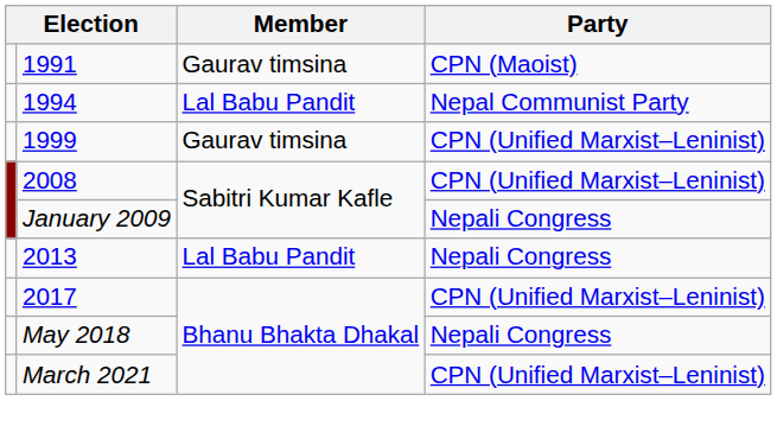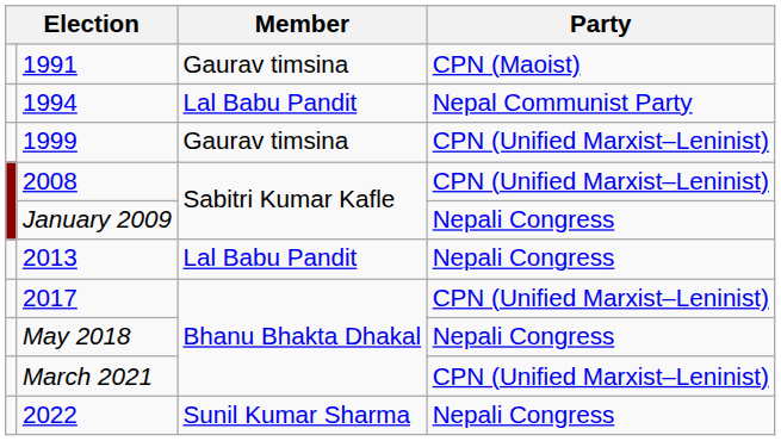 <table class="wikitable">
 <tr>
 <th colspan="2">Election</th>
 <th>Member</th>
 <th>Party</th>
 </tr>
 <tr>
 <td style="background-color:"></td>
 <td><a href='#'>1991</a></td>
 <td>Gaurav timsina</td>
 <td><a href='#'>CPN (Maoist)</a></td>
 </tr>
 <tr>
 <td style="background-color:"></td>
 <td><a href='#'>1994</a></td>
 <td><a href='#'>Lal Babu Pandit</a></td>
 <td><a href='#'>Nepal Communist Party</a></td>
 </tr>
 <tr>
 <td style="background-color:"></td>
 <td><a href='#'>1999</a></td>
 <td>Gaurav timsina</td>
 <td><a href='#'>CPN (Unified Marxist–Leninist)</a></td>
 </tr>
 <tr>
 <td rowspan="2" style="background-color:darkred"></td>
 <td><a href='#'>2008</a></td>
 <td rowspan="2">Sabitri Kumar Kafle</td>
 <td><a href='#'>CPN (Unified Marxist–Leninist)</a></td>
 </tr>
 <tr>
 <td><em>January 2009</em></td>
 <td><a href='#'>Nepali Congress</a></td>
 </tr>
 <tr>
 <td style="background-color:"></td>
 <td><a href='#'>2013</a></td>
 <td><a href='#'>Lal Babu Pandit</a></td>
 <td><a href='#'>Nepali Congress</a></td>
 </tr>
 <tr>
 <td style="background-color:"></td>
 <td><a href='#'>2017</a></td>
 <td rowspan="3"><a href='#'>Bhanu Bhakta Dhakal</a></td>
 <td><a href='#'>CPN (Unified Marxist–Leninist)</a></td>
 </tr>
 <tr>
 <td style="background-color:"></td>
 <td><em>May 2018</em></td>
 <td><a href='#'>Nepali Congress</a></td>
 </tr>
 <tr>
 <td style="background-color:"></td>
 <td><em>March 2021</em></td>
 <td><a href='#'>CPN (Unified Marxist–Leninist)</a></td>
 </tr>
+<tr>
+<td style="background-color:"></td>
+<td><a href='#'>2022</a></td>
+<td><a href='#'>Sunil Kumar Sharma</a></td>
+<td><a href='#'>Nepali Congress</a></td>
+</tr>
 </table>
